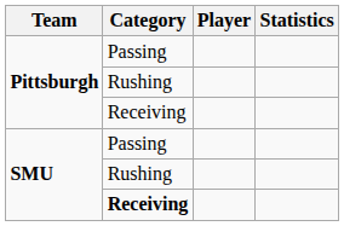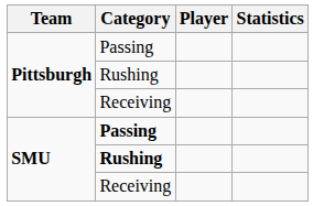 <table class="wikitable" style="float: right;">
 <tr>
 <th>Team</th>
 <th>Category</th>
 <th>Player</th>
 <th>Statistics</th>
 </tr>
 <tr>
 <td rowspan=3><strong>Pittsburgh</strong></td>
 <td>Passing</td>
 <td></td>
 <td></td>
 </tr>
 <tr>
 <td>Rushing</td>
 <td></td>
 <td></td>
 </tr>
 <tr>
 <td>Receiving</td>
 <td></td>
 <td></td>
 </tr>
 <tr>
 <td rowspan=3><strong>SMU</strong></td>
-<td>Passing</td>
+<td><strong>Passing</strong></td>
 <td></td>
 <td></td>
 </tr>
 <tr>
-<td>Rushing</td>
+<td><strong>Rushing</strong></td>
 <td></td>
 <td></td>
 </tr>
 <tr>
-<td><strong>Receiving</strong></td>
+<td>Receiving</td>
 <td></td>
 <td></td>
 </tr>
 </table>
